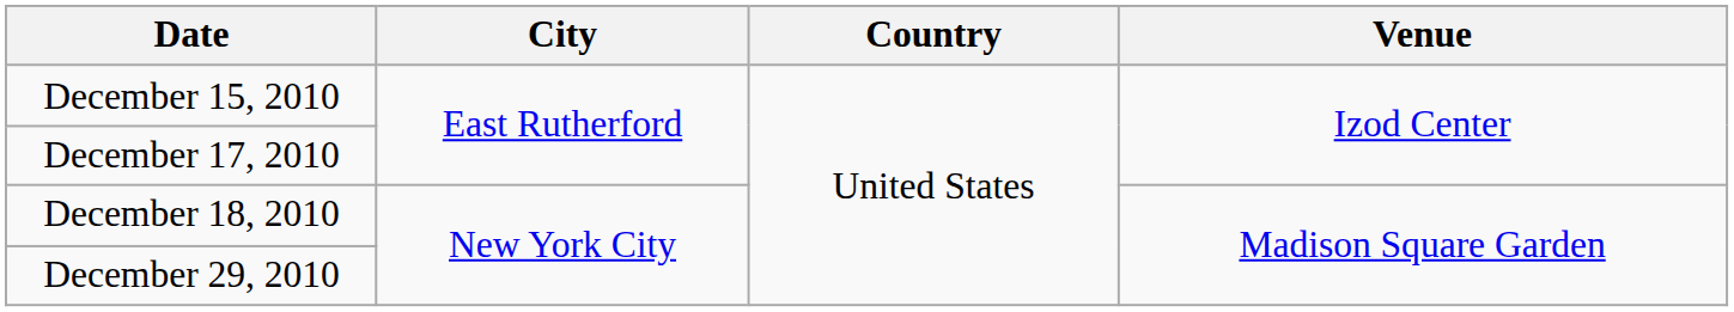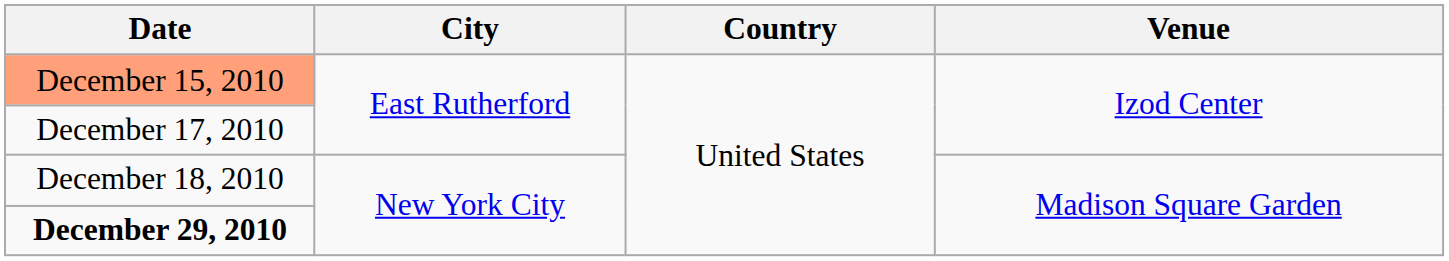 <table class="wikitable" style="text-align:center;">
 <tr>
 <th width="150">Date</th>
 <th width="150">City</th>
 <th width="150">Country</th>
 <th width="250">Venue</th>
 </tr>
 <tr>
-<td>December 15, 2010</td>
+<td style="background: lightsalmon;">December 15, 2010</td>
 <td rowspan="2"><a href='#'>East Rutherford</a></td>
 <td rowspan="4">United States</td>
 <td rowspan="2"><a href='#'>Izod Center</a></td>
 </tr>
 <tr>
 <td>December 17, 2010</td>
 </tr>
 <tr>
 <td>December 18, 2010</td>
 <td rowspan="2"><a href='#'>New York City</a></td>
 <td rowspan="2"><a href='#'>Madison Square Garden</a></td>
 </tr>
 <tr>
-<td>December 29, 2010</td>
+<td><strong>December 29, 2010</strong></td>
 </tr>
 </table>
